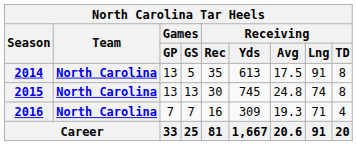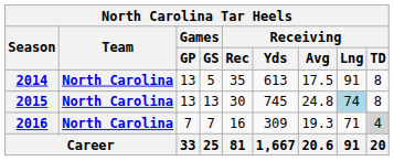 <table class="wikitable" style="text-align:center;">
 <tr>
 <th colspan="10">North Carolina Tar Heels</th>
 </tr>
 <tr>
 <th rowspan="2">Season</th>
 <th rowspan="2">Team</th>
 <th colspan="2">Games</th>
 <th colspan="5">Receiving</th>
 </tr>
 <tr>
 <th>GP</th>
 <th>GS</th>
 <th>Rec</th>
 <th>Yds</th>
 <th>Avg</th>
 <th>Lng</th>
 <th>TD</th>
 </tr>
 <tr>
 <th><a href='#'>2014</a></th>
 <th><a href='#'>North Carolina</a></th>
 <td>13</td>
 <td>5</td>
 <td>35</td>
 <td>613</td>
 <td>17.5</td>
 <td>91</td>
 <td>8</td>
 </tr>
 <tr>
 <th><a href='#'>2015</a></th>
 <th><a href='#'>North Carolina</a></th>
 <td>13</td>
 <td>13</td>
 <td>30</td>
 <td>745</td>
 <td>24.8</td>
-<td>74</td>
+<td style="background: lightblue;">74</td>
 <td>8</td>
 </tr>
 <tr>
 <th><a href='#'>2016</a></th>
 <th><a href='#'>North Carolina</a></th>
 <td>7</td>
 <td>7</td>
 <td>16</td>
 <td>309</td>
 <td>19.3</td>
 <td>71</td>
-<td>4</td>
+<td style="background: lightgrey;">4</td>
 </tr>
 <tr>
 <th colspan="2">Career</th>
 <th>33</th>
 <th>25</th>
 <th>81</th>
 <th>1,667</th>
 <th>20.6</th>
 <th>91</th>
 <th>20</th>
 </tr>
 </table>
